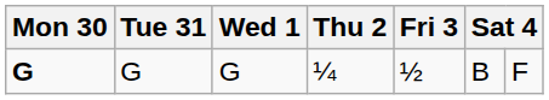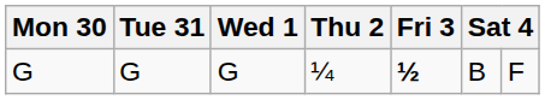 <table class="wikitable olympic-schedule handball">
 <tr>
 <th>Mon 30</th>
 <th>Tue 31</th>
 <th>Wed 1</th>
 <th>Thu 2</th>
 <th>Fri 3</th>
 <th colspan="2">Sat 4</th>
 </tr>
 <tr>
-<td class="team-group"><strong>G</strong></td>
+<td class="team-group">G</td>
 <td class="team-group">G</td>
 <td class="team-group">G</td>
 <td class="team-qf">¼</td>
-<td class="team-sf">½</td>
+<td class="team-sf"><strong>½</strong></td>
 <td class="team-bronze">B</td>
 <td class="team-final">F</td>
 </tr>
 </table>
